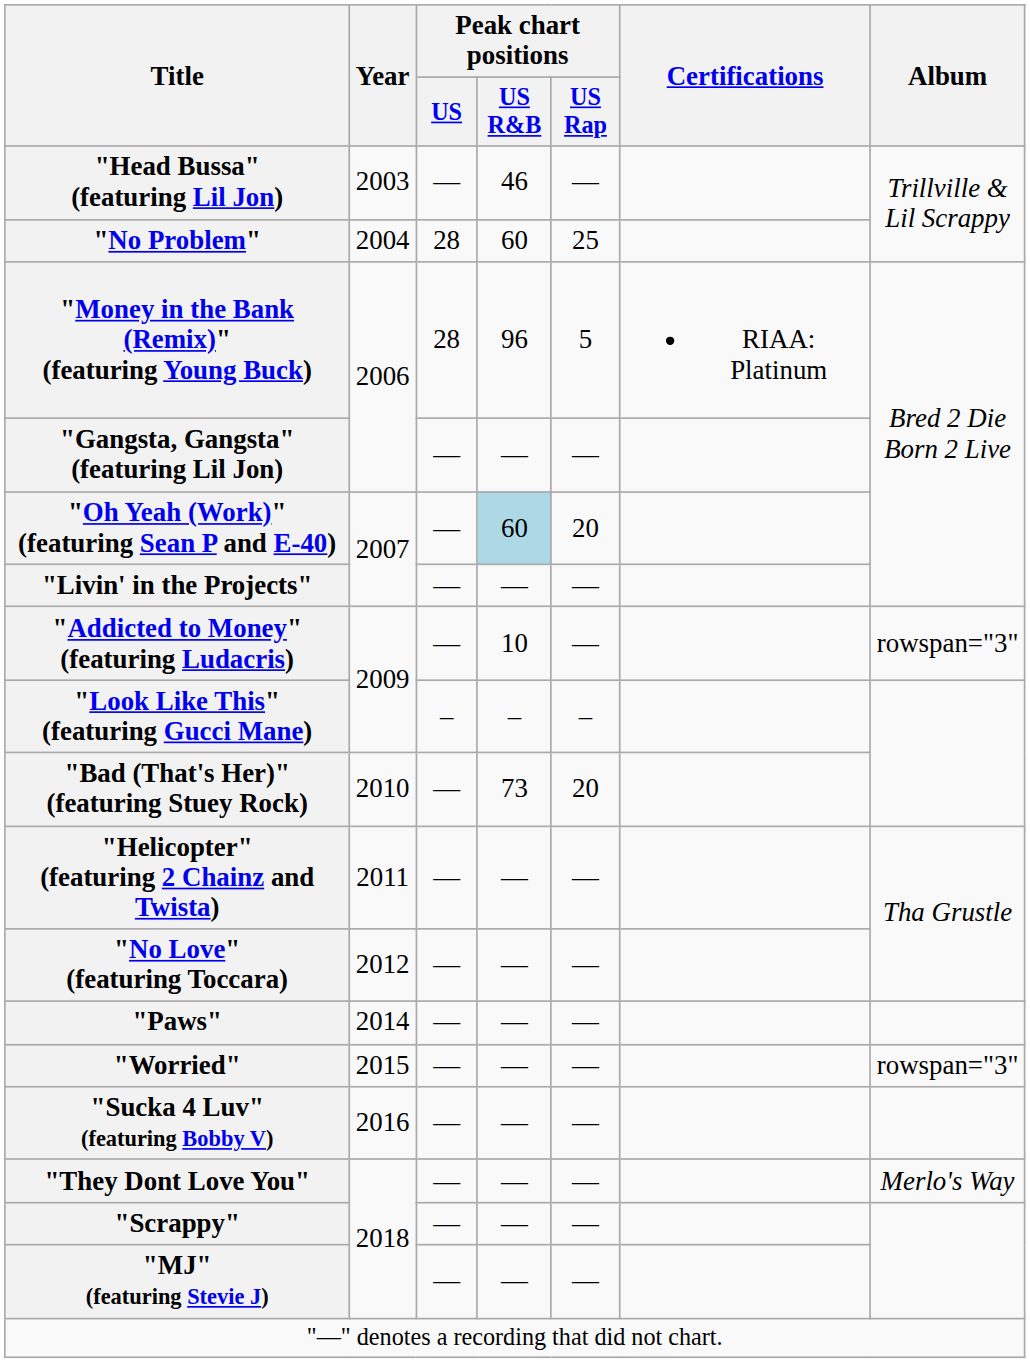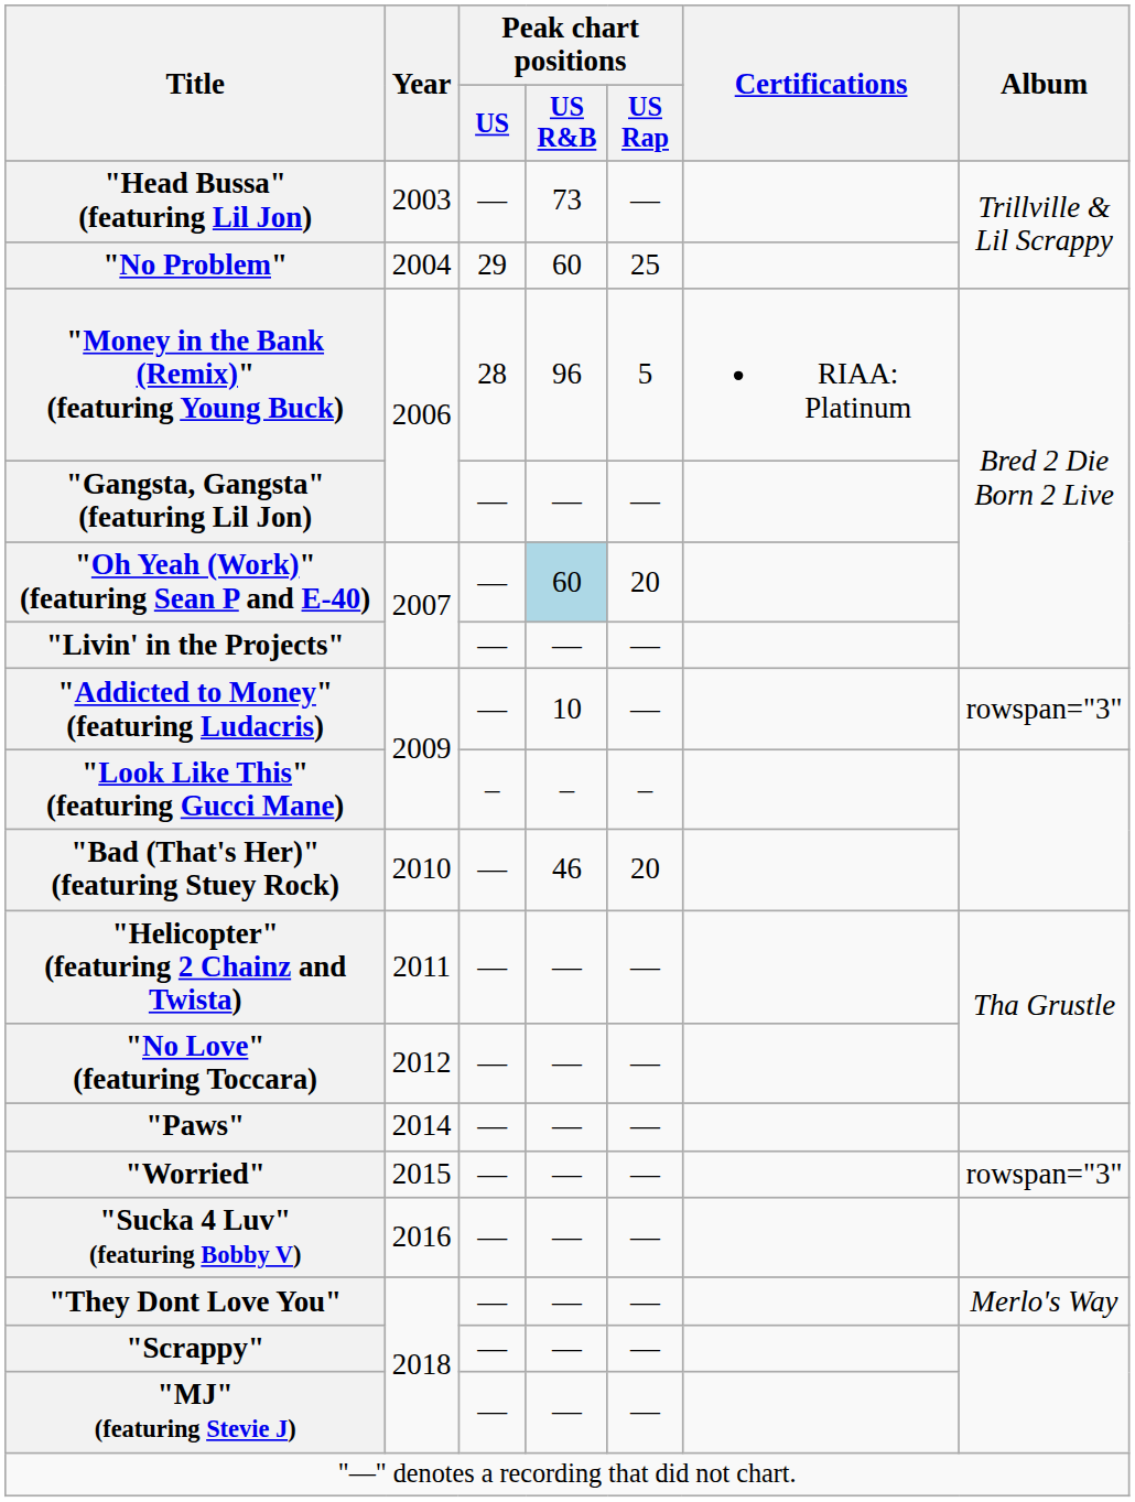 <table class="wikitable plainrowheaders" style="text-align:center;">
 <tr>
 <th scope="col" rowspan="2" style="width:20em;">Title</th>
 <th scope="col" rowspan="2">Year</th>
 <th scope="col" colspan="3">Peak chart positions</th>
 <th scope="col" rowspan="2" style="width:12em;"><a href='#'>Certifications</a></th>
 <th scope="col" rowspan="2">Album</th>
 </tr>
 <tr>
 <th style="width:3em;font-size:90%;"><a href='#'>US</a><br></th>
 <th style="width:3em;font-size:90%;"><a href='#'>US<br>R&B</a><br></th>
 <th style="width:3em;font-size:90%;"><a href='#'>US<br>Rap</a><br></th>
 </tr>
 <tr>
 <th scope="row">"Head Bussa"<br><span>(featuring <a href='#'>Lil Jon</a>)</span></th>
 <td>2003</td>
 <td>—</td>
-<td>46</td>
+<td>73</td>
 <td>—</td>
 <td></td>
 <td rowspan="2"><em>Trillville & Lil Scrappy</em></td>
 </tr>
 <tr>
 <th scope="row">"<a href='#'>No Problem</a>"</th>
 <td>2004</td>
-<td>28</td>
+<td>29</td>
 <td>60</td>
 <td>25</td>
 <td></td>
 </tr>
 <tr>
 <th scope="row">"<a href='#'>Money in the Bank (Remix)</a>"<br><span>(featuring <a href='#'>Young Buck</a>)</span></th>
 <td rowspan="2">2006</td>
 <td>28</td>
 <td>96</td>
 <td>5</td>
 <td><br><ul><li>RIAA: Platinum</li></ul></td>
 <td rowspan="4"><em>Bred 2 Die Born 2 Live</em></td>
 </tr>
 <tr>
 <th scope="row">"Gangsta, Gangsta"<br><span>(featuring Lil Jon)</span></th>
 <td>—</td>
 <td>—</td>
 <td>—</td>
 <td></td>
 </tr>
 <tr>
 <th scope="row">"<a href='#'>Oh Yeah (Work)</a>"<br><span>(featuring <a href='#'>Sean P</a> and <a href='#'>E-40</a>)</span></th>
 <td rowspan="2">2007</td>
 <td>—</td>
 <td style="background: lightblue;">60</td>
 <td>20</td>
 <td></td>
 </tr>
 <tr>
 <th scope="row">"Livin' in the Projects"</th>
 <td>—</td>
 <td>—</td>
 <td>—</td>
 <td></td>
 </tr>
 <tr>
 <th scope="row">"<a href='#'>Addicted to Money</a>"<br><span>(featuring <a href='#'>Ludacris</a>)</span></th>
 <td rowspan="2">2009</td>
 <td>—</td>
 <td>10</td>
 <td>—</td>
 <td></td>
 <td>rowspan="3" </td>
 </tr>
 <tr>
 <th scope="row">"<a href='#'>Look Like This</a>"<br><span>(featuring <a href='#'>Gucci Mane</a>)</span></th>
 <td>–</td>
 <td>–</td>
 <td>–</td>
 <td></td>
 </tr>
 <tr>
 <th scope="row">"Bad (That's Her)"<br><span>(featuring Stuey Rock)</span></th>
 <td>2010</td>
 <td>—</td>
-<td>73</td>
+<td>46</td>
 <td>20</td>
 <td></td>
 </tr>
 <tr>
 <th scope="row">"Helicopter"<br><span>(featuring <a href='#'>2 Chainz</a> and <a href='#'>Twista</a>)</span></th>
 <td>2011</td>
 <td>—</td>
 <td>—</td>
 <td>—</td>
 <td></td>
 <td rowspan="2"><em>Tha Grustle</em></td>
 </tr>
 <tr>
 <th scope="row">"<a href='#'>No Love</a>"<br><span>(featuring Toccara)</span></th>
 <td>2012</td>
 <td>—</td>
 <td>—</td>
 <td>—</td>
 <td></td>
 </tr>
 <tr>
 <th scope="row">"Paws"</th>
 <td>2014</td>
 <td>—</td>
 <td>—</td>
 <td>—</td>
 <td></td>
 <td></td>
 </tr>
 <tr>
 <th scope="row">"Worried"</th>
 <td>2015</td>
 <td>—</td>
 <td>—</td>
 <td>—</td>
 <td></td>
 <td>rowspan="3" </td>
 </tr>
 <tr>
 <th scope="row">"Sucka 4 Luv"<br><small>(featuring <a href='#'>Bobby V</a>)</small></th>
 <td>2016</td>
 <td>—</td>
 <td>—</td>
 <td>—</td>
 <td></td>
 <td></td>
 </tr>
 <tr>
 <th scope="row">"They Dont Love You"</th>
 <td rowspan="3">2018</td>
 <td>—</td>
 <td>—</td>
 <td>—</td>
 <td></td>
 <td><em>Merlo's Way</em></td>
 </tr>
 <tr>
 <th scope="row">"Scrappy"</th>
 <td>—</td>
 <td>—</td>
 <td>—</td>
 <td></td>
 </tr>
 <tr>
 <th scope="row">"MJ"<br><small>(featuring <a href='#'>Stevie J</a>)</small></th>
 <td>—</td>
 <td>—</td>
 <td>—</td>
 <td></td>
 </tr>
 <tr>
 <td colspan="14" style="font-size:90%">"—" denotes a recording that did not chart.</td>
 </tr>
 </table>
